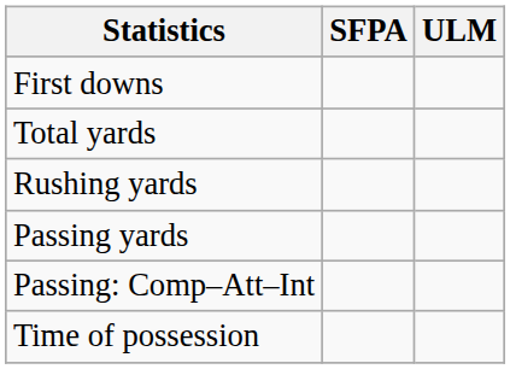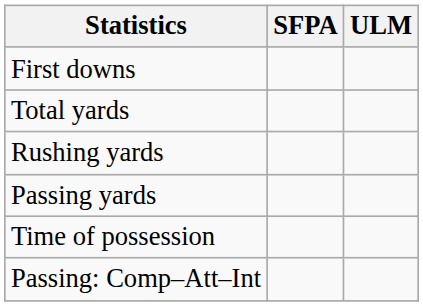 <table class="wikitable" style="float: left;">
 <tr>
 <th>Statistics</th>
 <th>SFPA</th>
 <th>ULM</th>
 </tr>
 <tr>
 <td>First downs</td>
 <td></td>
 <td></td>
 </tr>
 <tr>
 <td>Total yards</td>
 <td></td>
 <td></td>
 </tr>
 <tr>
 <td>Rushing yards</td>
 <td></td>
 <td></td>
 </tr>
 <tr>
 <td>Passing yards</td>
 <td></td>
 <td></td>
 </tr>
 <tr>
+<td>Time of possession</td>
+<td></td>
+<td></td>
+</tr>
+<tr>
 <td>Passing: Comp–Att–Int</td>
 <td></td>
 <td></td>
 </tr>
-<tr>
-<td>Time of possession</td>
-<td></td>
-<td></td>
-</tr>
 </table>
